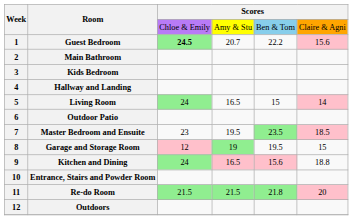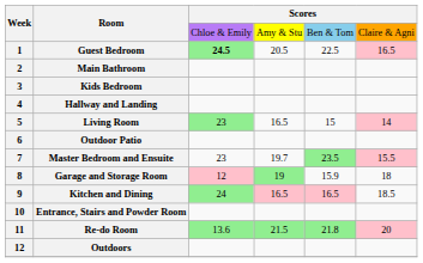 <table class="wikitable" style="text-align: center; font-size: 9pt; line-height:16px; ">
 <tr>
 <th rowspan="2">Week</th>
 <th rowspan="2">Room</th>
 <th colspan="4">Scores</th>
 </tr>
 <tr>
 <td style="background:#B87BF6; color:black;" scope="col">Chloe & Emily</td>
 <td style="background:#B87BF6; background-color:Yellow" scope="col">Amy & Stu</td>
 <td style="background:skyblue; color:black;" scope="col">Ben & Tom</td>
 <td style="background:Orange; color:black;" scope="col">Claire & Agni</td>
 </tr>
 <tr>
 <th>1</th>
 <th>Guest Bedroom</th>
 <td bgcolor="lightgreen"><strong>24.5</strong></td>
-<td>20.7</td>
-<td>22.2</td>
-<td bgcolor="pink">15.6</td>
+<td>20.5</td>
+<td>22.5</td>
+<td bgcolor="pink">16.5</td>
 </tr>
 <tr>
 <th>2</th>
 <th>Main Bathroom</th>
 <td></td>
 <td></td>
 <td></td>
 <td></td>
 </tr>
 <tr>
 <th>3</th>
 <th>Kids Bedroom</th>
 <td></td>
 <td></td>
 <td></td>
 <td></td>
 </tr>
 <tr>
 <th>4</th>
 <th>Hallway and Landing</th>
 <td></td>
 <td></td>
 <td></td>
 <td></td>
 </tr>
 <tr>
 <th>5</th>
 <th>Living Room</th>
-<td bgcolor="lightgreen">24</td>
+<td bgcolor="lightgreen">23</td>
 <td>16.5</td>
 <td>15</td>
 <td bgcolor="pink">14</td>
 </tr>
 <tr>
 <th>6</th>
 <th>Outdoor Patio</th>
 <td></td>
 <td></td>
 <td></td>
 <td></td>
 </tr>
 <tr>
 <th>7</th>
 <th>Master Bedroom and Ensuite</th>
 <td>23</td>
-<td>19.5</td>
+<td>19.7</td>
 <td bgcolor="lightgreen">23.5</td>
-<td bgcolor="pink">18.5</td>
+<td bgcolor="pink">15.5</td>
 </tr>
 <tr>
 <th>8</th>
 <th>Garage and Storage Room</th>
 <td bgcolor="pink">12</td>
 <td bgcolor="lightgreen">19</td>
-<td>19.5</td>
-<td>15</td>
+<td>15.9</td>
+<td>18</td>
 </tr>
 <tr>
 <th>9</th>
 <th>Kitchen and Dining</th>
 <td bgcolor="lightgreen">24</td>
 <td bgcolor="pink">16.5</td>
-<td bgcolor="pink">15.6</td>
-<td>18.8</td>
+<td bgcolor="pink">16.5</td>
+<td>18.5</td>
 </tr>
 <tr>
 <th>10</th>
 <th>Entrance, Stairs and Powder Room</th>
 <td></td>
 <td></td>
 <td></td>
 <td></td>
 </tr>
 <tr>
 <th>11</th>
 <th>Re-do Room</th>
-<td bgcolor="lightgreen">21.5</td>
+<td bgcolor="lightgreen">13.6</td>
 <td bgcolor="lightgreen">21.5</td>
 <td bgcolor="lightgreen">21.8</td>
 <td bgcolor="pink">20</td>
 </tr>
 <tr>
 <th>12</th>
 <th>Outdoors</th>
 <td></td>
 <td></td>
 <td></td>
 <td></td>
 </tr>
 <tr>
 </tr>
 </table>
